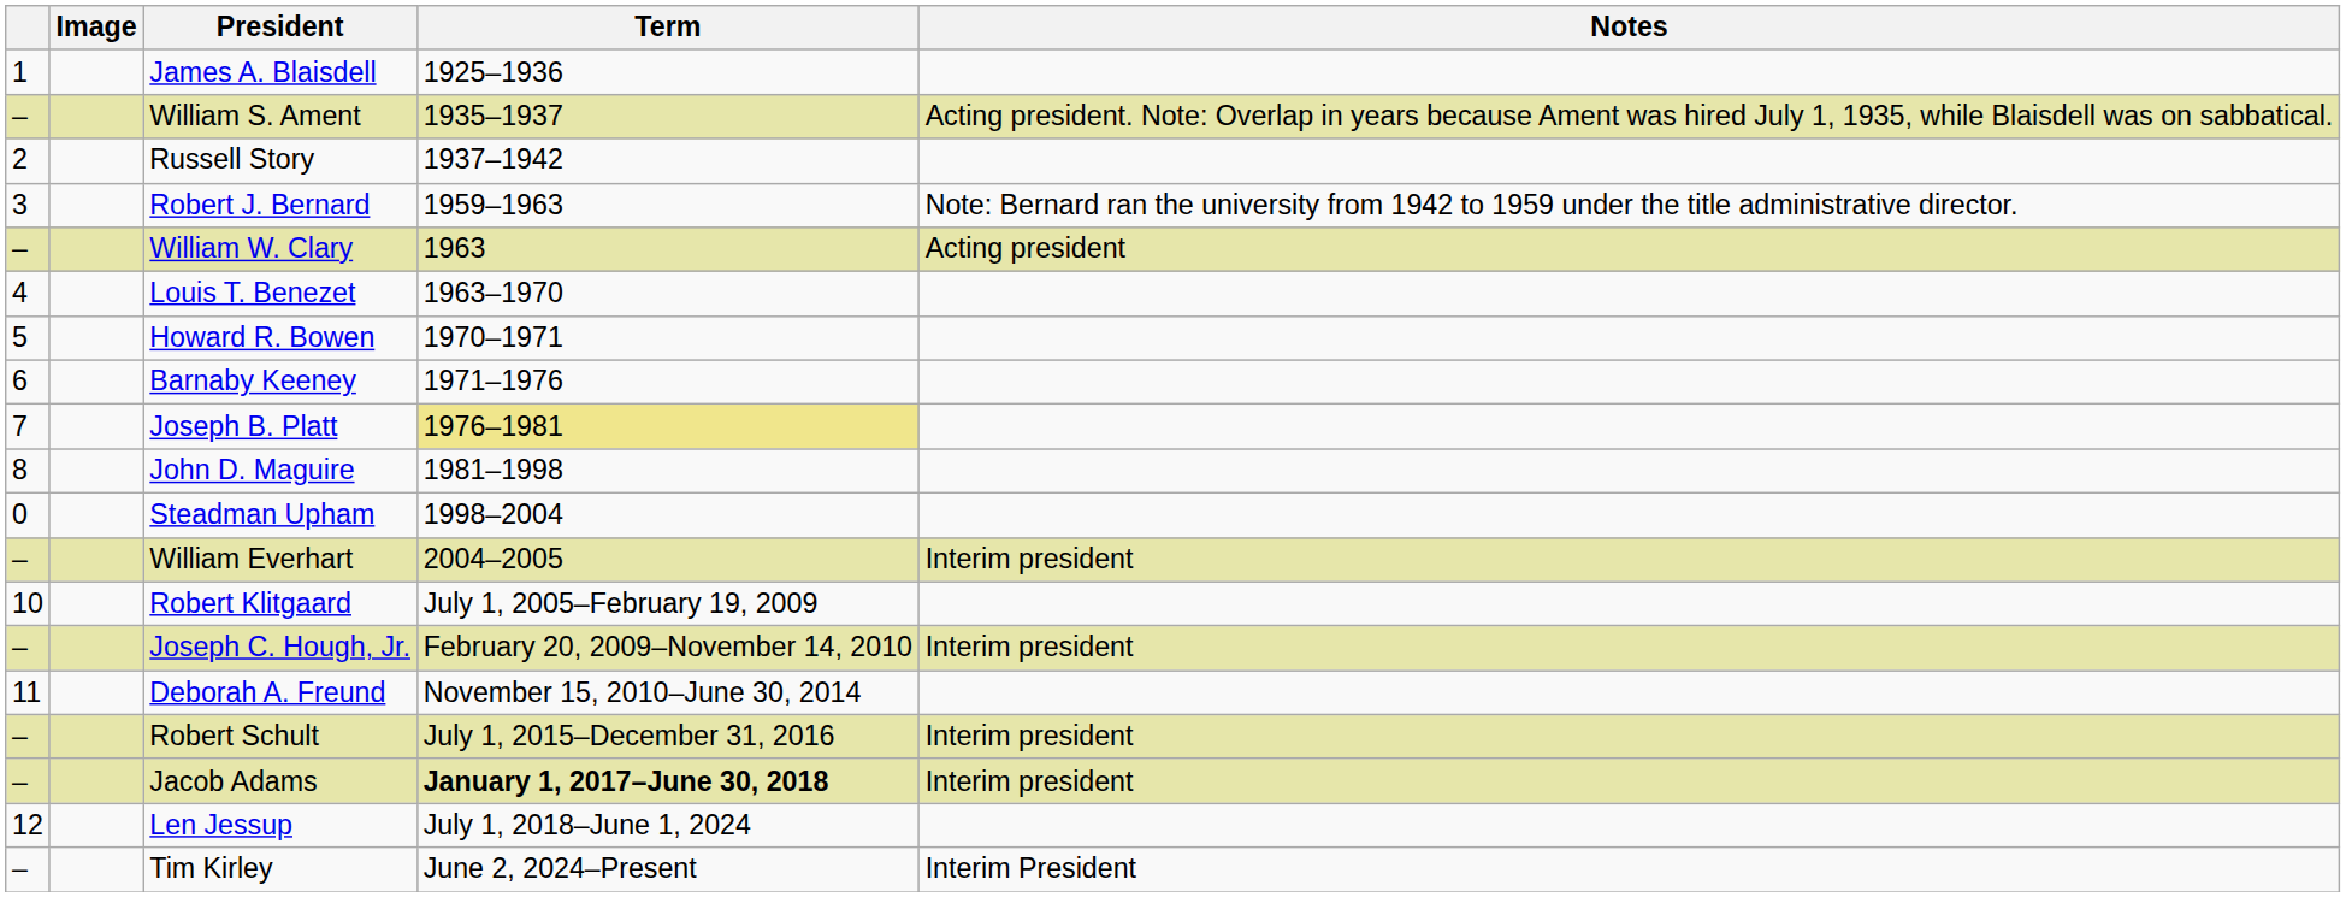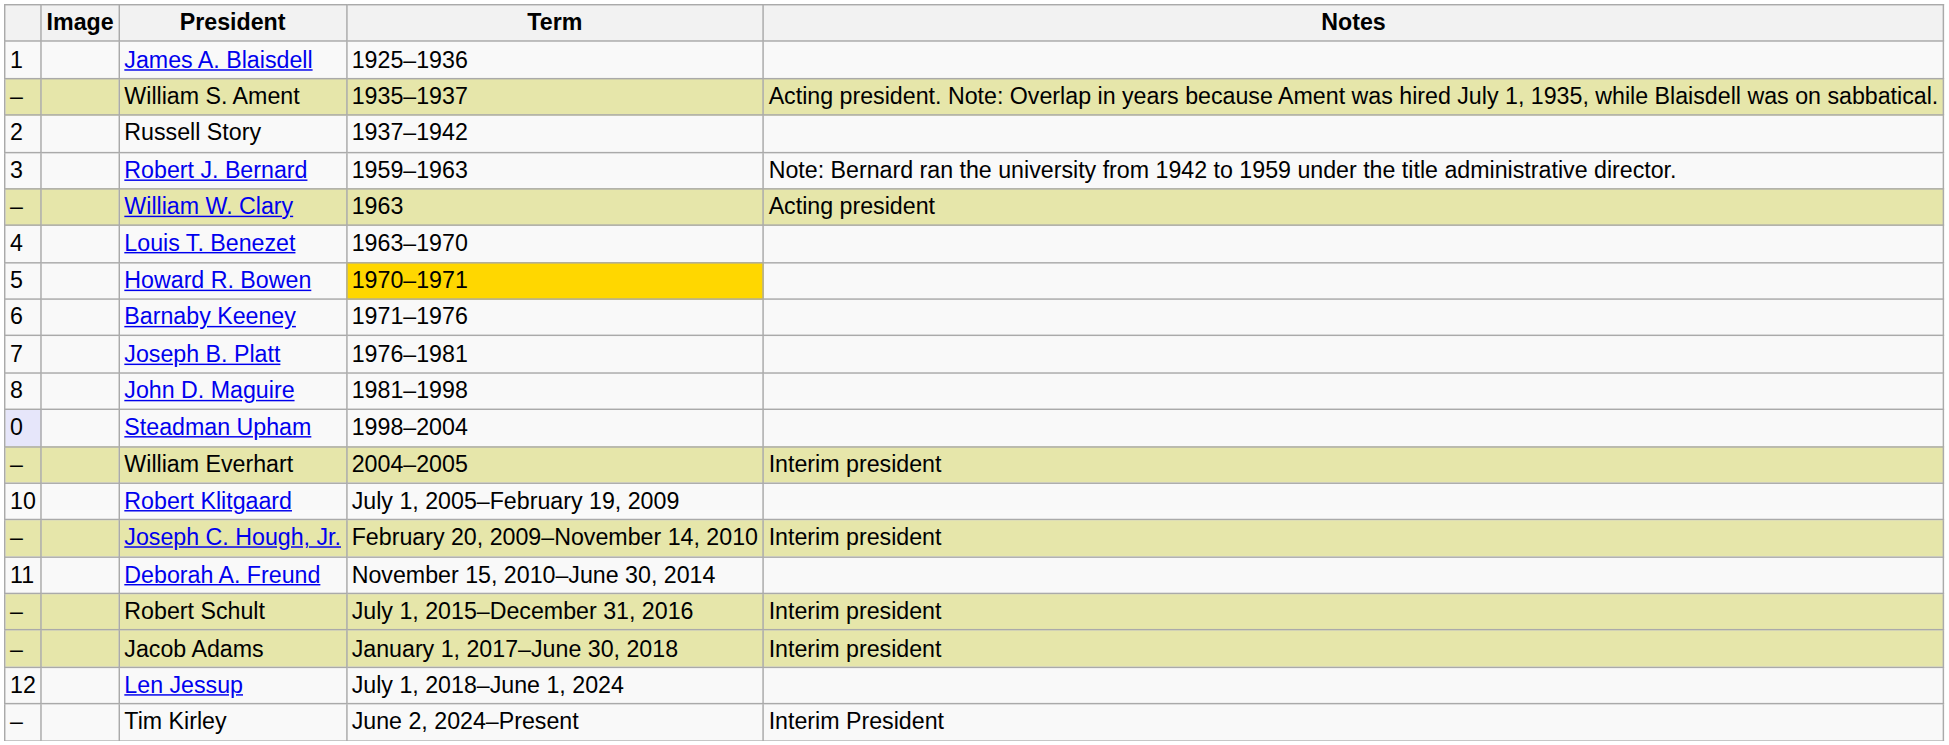 <table class=wikitable style="text-align:left">
 <tr>
 <th></th>
 <th>Image</th>
 <th>President</th>
 <th>Term</th>
 <th>Notes</th>
 </tr>
 <tr>
 <td>1</td>
 <td></td>
 <td><a href='#'>James A. Blaisdell</a></td>
 <td>1925–1936</td>
 <td></td>
 </tr>
 <tr bgcolor="#e6e6aa">
 <td>–</td>
 <td></td>
 <td>William S. Ament</td>
 <td>1935–1937</td>
 <td>Acting president. Note: Overlap in years because Ament was hired July 1, 1935, while Blaisdell was on sabbatical.</td>
 </tr>
 <tr>
 <td>2</td>
 <td></td>
 <td>Russell Story</td>
 <td>1937–1942</td>
 <td></td>
 </tr>
 <tr>
 <td>3</td>
 <td></td>
 <td><a href='#'>Robert J. Bernard</a></td>
 <td>1959–1963</td>
 <td>Note: Bernard ran the university from 1942 to 1959 under the title administrative director.</td>
 </tr>
 <tr bgcolor="#e6e6aa">
 <td>–</td>
 <td></td>
 <td><a href='#'>William W. Clary</a></td>
 <td>1963</td>
 <td>Acting president</td>
 </tr>
 <tr>
 <td>4</td>
 <td></td>
 <td><a href='#'>Louis T. Benezet</a></td>
 <td>1963–1970</td>
 <td></td>
 </tr>
 <tr>
 <td>5</td>
 <td></td>
 <td><a href='#'>Howard R. Bowen</a></td>
-<td>1970–1971</td>
+<td style="background: gold;">1970–1971</td>
 <td></td>
 </tr>
 <tr>
 <td>6</td>
 <td></td>
 <td><a href='#'>Barnaby Keeney</a></td>
 <td>1971–1976</td>
 <td></td>
 </tr>
 <tr>
 <td>7</td>
 <td></td>
 <td><a href='#'>Joseph B. Platt</a></td>
-<td style="background: khaki;">1976–1981</td>
+<td>1976–1981</td>
 <td></td>
 </tr>
 <tr>
 <td>8</td>
 <td></td>
 <td><a href='#'>John D. Maguire</a></td>
 <td>1981–1998</td>
 <td></td>
 </tr>
 <tr>
-<td>0</td>
+<td style="background: lavender;">0</td>
 <td></td>
 <td><a href='#'>Steadman Upham</a></td>
 <td>1998–2004</td>
 <td></td>
 </tr>
 <tr bgcolor="#e6e6aa">
 <td>–</td>
 <td></td>
 <td>William Everhart</td>
 <td>2004–2005</td>
 <td>Interim president</td>
 </tr>
 <tr>
 <td>10</td>
 <td></td>
 <td><a href='#'>Robert Klitgaard</a></td>
 <td>July 1, 2005–February 19, 2009</td>
 <td></td>
 </tr>
 <tr bgcolor="#e6e6aa">
 <td>–</td>
 <td></td>
 <td><a href='#'>Joseph C. Hough, Jr.</a></td>
 <td>February 20, 2009–November 14, 2010</td>
 <td>Interim president</td>
 </tr>
 <tr>
 <td>11</td>
 <td></td>
 <td><a href='#'>Deborah A. Freund</a></td>
 <td>November 15, 2010–June 30, 2014</td>
 <td></td>
 </tr>
 <tr bgcolor="#e6e6aa">
 <td>–</td>
 <td></td>
 <td>Robert Schult</td>
 <td>July 1, 2015–December 31, 2016</td>
 <td>Interim president</td>
 </tr>
 <tr bgcolor="#e6e6aa">
 <td>–</td>
 <td></td>
 <td>Jacob Adams</td>
-<td><strong>January 1, 2017–June 30, 2018</strong></td>
+<td>January 1, 2017–June 30, 2018</td>
 <td>Interim president</td>
 </tr>
 <tr>
 <td>12</td>
 <td></td>
 <td><a href='#'>Len Jessup</a></td>
 <td>July 1, 2018–June 1, 2024</td>
 <td></td>
 </tr>
 <tr>
 <td>–</td>
 <td></td>
 <td>Tim Kirley</td>
 <td>June 2, 2024–Present</td>
 <td>Interim President</td>
 </tr>
 <tr>
 </tr>
 </table>
